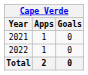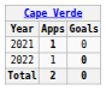 <table class=wikitable style=text-align:center>
 <tr>
 <th colspan=4><a href='#'>Cape Verde</a></th>
 </tr>
 <tr>
 <th>Year</th>
 <th>Apps</th>
 <th>Goals</th>
 </tr>
 <tr>
 <td>2021</td>
-<td>1</td>
+<td><strong>1</strong></td>
 <td>0</td>
 </tr>
 <tr>
 <td>2022</td>
 <td>1</td>
-<td>0</td>
+<td><strong>0</strong></td>
 </tr>
 <tr>
 <th colspan=1>Total</th>
 <th>2</th>
 <th>0</th>
 </tr>
 </table>
